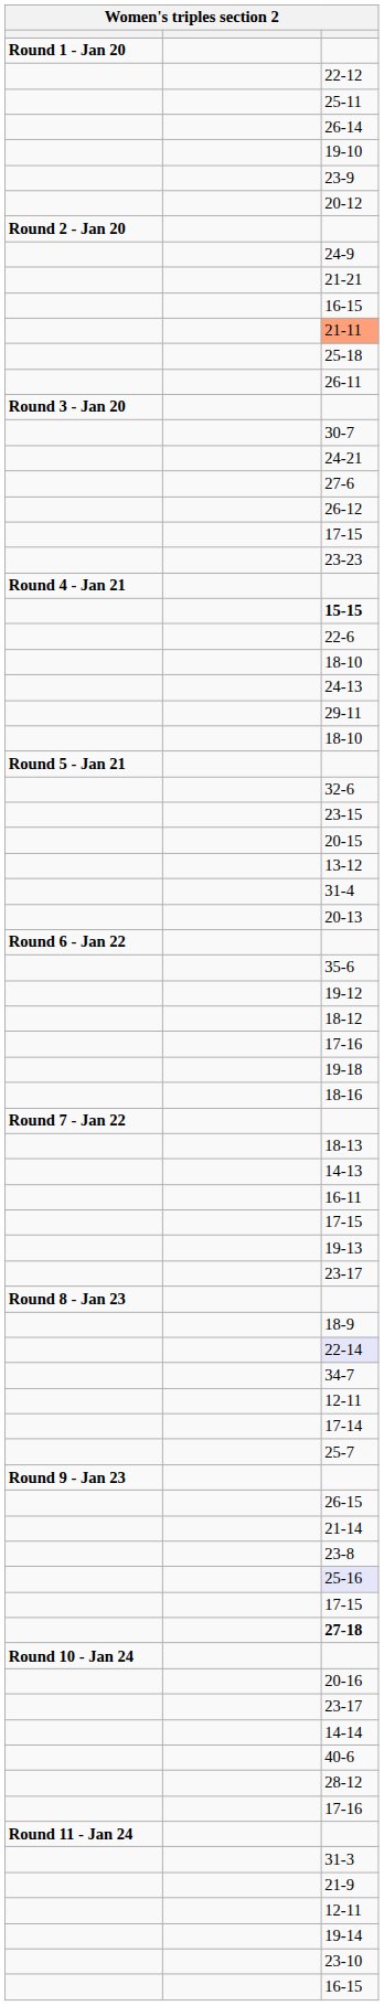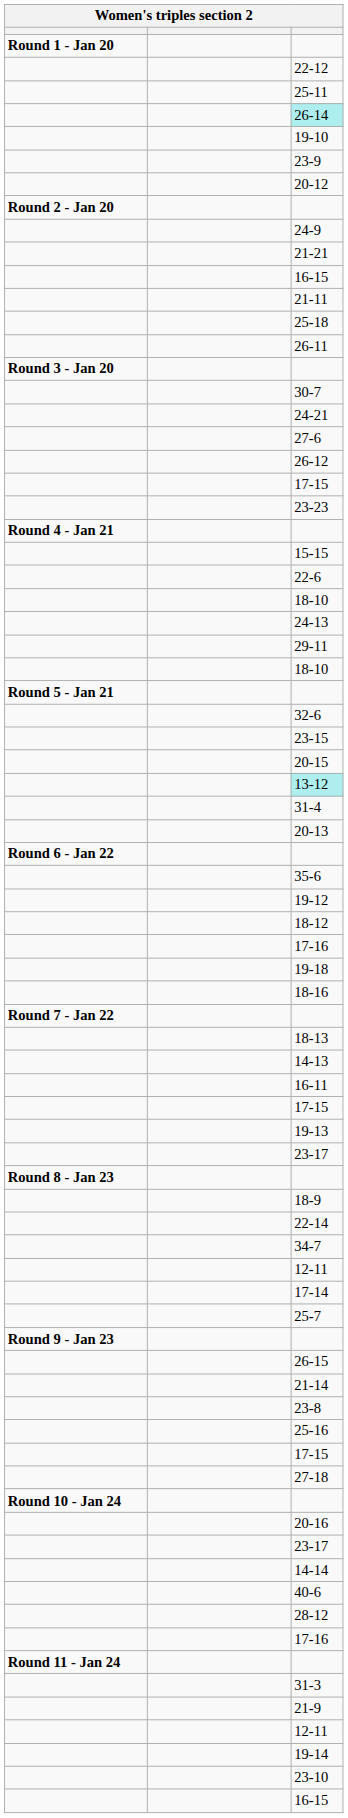 <table class="wikitable">
 <tr>
 <th colspan="3">Women's triples section 2</th>
 </tr>
 <tr>
 <th width=150></th>
 <th width=150></th>
 <th width=50></th>
 </tr>
 <tr>
 <td><strong>Round 1 - Jan 20</strong></td>
 <td></td>
 <td></td>
 </tr>
 <tr>
 <td></td>
 <td></td>
 <td>22-12</td>
 </tr>
 <tr>
 <td></td>
 <td></td>
 <td>25-11</td>
 </tr>
 <tr>
 <td></td>
 <td></td>
-<td>26-14</td>
+<td style="background: paleturquoise;">26-14</td>
 </tr>
 <tr>
 <td></td>
 <td></td>
 <td>19-10</td>
 </tr>
 <tr>
 <td></td>
 <td></td>
 <td>23-9</td>
 </tr>
 <tr>
 <td></td>
 <td></td>
 <td>20-12</td>
 </tr>
 <tr>
 <td><strong>Round 2 - Jan 20</strong></td>
 <td></td>
 <td></td>
 </tr>
 <tr>
 <td></td>
 <td></td>
 <td>24-9</td>
 </tr>
 <tr>
 <td></td>
 <td></td>
 <td>21-21</td>
 </tr>
 <tr>
 <td></td>
 <td></td>
 <td>16-15</td>
 </tr>
 <tr>
 <td></td>
 <td></td>
-<td style="background: lightsalmon;">21-11</td>
+<td>21-11</td>
 </tr>
 <tr>
 <td></td>
 <td></td>
 <td>25-18</td>
 </tr>
 <tr>
 <td></td>
 <td></td>
 <td>26-11</td>
 </tr>
 <tr>
 <td><strong>Round 3 - Jan 20</strong></td>
 <td></td>
 <td></td>
 </tr>
 <tr>
 <td></td>
 <td></td>
 <td>30-7</td>
 </tr>
 <tr>
 <td></td>
 <td></td>
 <td>24-21</td>
 </tr>
 <tr>
 <td></td>
 <td></td>
 <td>27-6</td>
 </tr>
 <tr>
 <td></td>
 <td></td>
 <td>26-12</td>
 </tr>
 <tr>
 <td></td>
 <td></td>
 <td>17-15</td>
 </tr>
 <tr>
 <td></td>
 <td></td>
 <td>23-23</td>
 </tr>
 <tr>
 <td><strong>Round 4 - Jan 21</strong></td>
 <td></td>
 <td></td>
 </tr>
 <tr>
 <td></td>
 <td></td>
-<td><strong>15-15</strong></td>
+<td>15-15</td>
 </tr>
 <tr>
 <td></td>
 <td></td>
 <td>22-6</td>
 </tr>
 <tr>
 <td></td>
 <td></td>
 <td>18-10</td>
 </tr>
 <tr>
 <td></td>
 <td></td>
 <td>24-13</td>
 </tr>
 <tr>
 <td></td>
 <td></td>
 <td>29-11</td>
 </tr>
 <tr>
 <td></td>
 <td></td>
 <td>18-10</td>
 </tr>
 <tr>
 <td><strong>Round 5 - Jan 21</strong></td>
 <td></td>
 <td></td>
 </tr>
 <tr>
 <td></td>
 <td></td>
 <td>32-6</td>
 </tr>
 <tr>
 <td></td>
 <td></td>
 <td>23-15</td>
 </tr>
 <tr>
 <td></td>
 <td></td>
 <td>20-15</td>
 </tr>
 <tr>
 <td></td>
 <td></td>
-<td>13-12</td>
+<td style="background: paleturquoise;">13-12</td>
 </tr>
 <tr>
 <td></td>
 <td></td>
 <td>31-4</td>
 </tr>
 <tr>
 <td></td>
 <td></td>
 <td>20-13</td>
 </tr>
 <tr>
 <td><strong>Round 6  - Jan 22</strong></td>
 <td></td>
 <td></td>
 </tr>
 <tr>
 <td></td>
 <td></td>
 <td>35-6</td>
 </tr>
 <tr>
 <td></td>
 <td></td>
 <td>19-12</td>
 </tr>
 <tr>
 <td></td>
 <td></td>
 <td>18-12</td>
 </tr>
 <tr>
 <td></td>
 <td></td>
 <td>17-16</td>
 </tr>
 <tr>
 <td></td>
 <td></td>
 <td>19-18</td>
 </tr>
 <tr>
 <td></td>
 <td></td>
 <td>18-16</td>
 </tr>
 <tr>
 <td><strong>Round 7 - Jan 22</strong></td>
 <td></td>
 <td></td>
 </tr>
 <tr>
 <td></td>
 <td></td>
 <td>18-13</td>
 </tr>
 <tr>
 <td></td>
 <td></td>
 <td>14-13</td>
 </tr>
 <tr>
 <td></td>
 <td></td>
 <td>16-11</td>
 </tr>
 <tr>
 <td></td>
 <td></td>
 <td>17-15</td>
 </tr>
 <tr>
 <td></td>
 <td></td>
 <td>19-13</td>
 </tr>
 <tr>
 <td></td>
 <td></td>
 <td>23-17</td>
 </tr>
 <tr>
 <td><strong>Round 8 - Jan 23</strong></td>
 <td></td>
 <td></td>
 </tr>
 <tr>
 <td></td>
 <td></td>
 <td>18-9</td>
 </tr>
 <tr>
 <td></td>
 <td></td>
-<td style="background: lavender;">22-14</td>
+<td>22-14</td>
 </tr>
 <tr>
 <td></td>
 <td></td>
 <td>34-7</td>
 </tr>
 <tr>
 <td></td>
 <td></td>
 <td>12-11</td>
 </tr>
 <tr>
 <td></td>
 <td></td>
 <td>17-14</td>
 </tr>
 <tr>
 <td></td>
 <td></td>
 <td>25-7</td>
 </tr>
 <tr>
 <td><strong>Round 9 - Jan 23</strong></td>
 <td></td>
 <td></td>
 </tr>
 <tr>
 <td></td>
 <td></td>
 <td>26-15</td>
 </tr>
 <tr>
 <td></td>
 <td></td>
 <td>21-14</td>
 </tr>
 <tr>
 <td></td>
 <td></td>
 <td>23-8</td>
 </tr>
 <tr>
 <td></td>
 <td></td>
-<td style="background: lavender;">25-16</td>
+<td>25-16</td>
 </tr>
 <tr>
 <td></td>
 <td></td>
 <td>17-15</td>
 </tr>
 <tr>
 <td></td>
 <td></td>
-<td><strong>27-18</strong></td>
+<td>27-18</td>
 </tr>
 <tr>
 <td><strong>Round 10 - Jan 24</strong></td>
 <td></td>
 <td></td>
 </tr>
 <tr>
 <td></td>
 <td></td>
 <td>20-16</td>
 </tr>
 <tr>
 <td></td>
 <td></td>
 <td>23-17</td>
 </tr>
 <tr>
 <td></td>
 <td></td>
 <td>14-14</td>
 </tr>
 <tr>
 <td></td>
 <td></td>
 <td>40-6</td>
 </tr>
 <tr>
 <td></td>
 <td></td>
 <td>28-12</td>
 </tr>
 <tr>
 <td></td>
 <td></td>
 <td>17-16</td>
 </tr>
 <tr>
 <td><strong>Round 11 - Jan 24</strong></td>
 <td></td>
 <td></td>
 </tr>
 <tr>
 <td></td>
 <td></td>
 <td>31-3</td>
 </tr>
 <tr>
 <td></td>
 <td></td>
 <td>21-9</td>
 </tr>
 <tr>
 <td></td>
 <td></td>
 <td>12-11</td>
 </tr>
 <tr>
 <td></td>
 <td></td>
 <td>19-14</td>
 </tr>
 <tr>
 <td></td>
 <td></td>
 <td>23-10</td>
 </tr>
 <tr>
 <td></td>
 <td></td>
 <td>16-15</td>
 </tr>
 </table>
